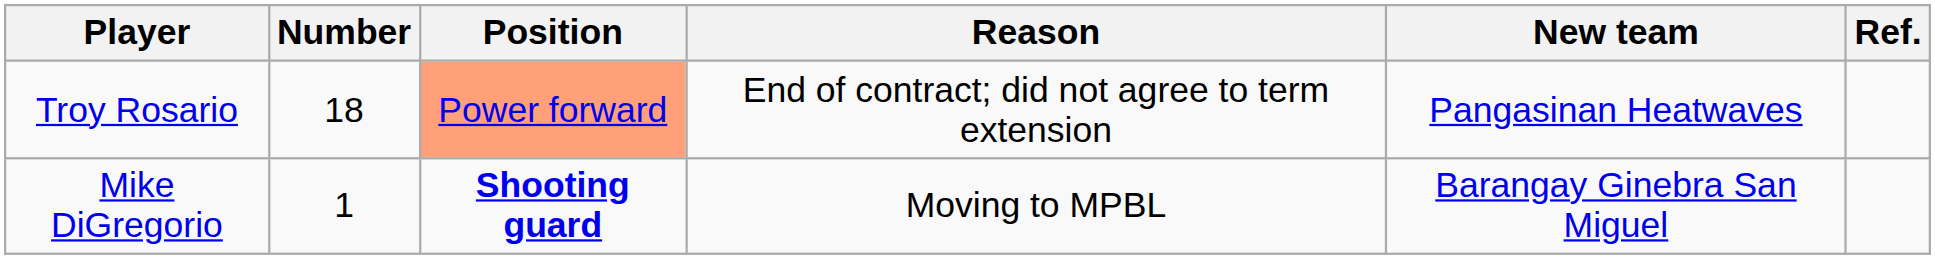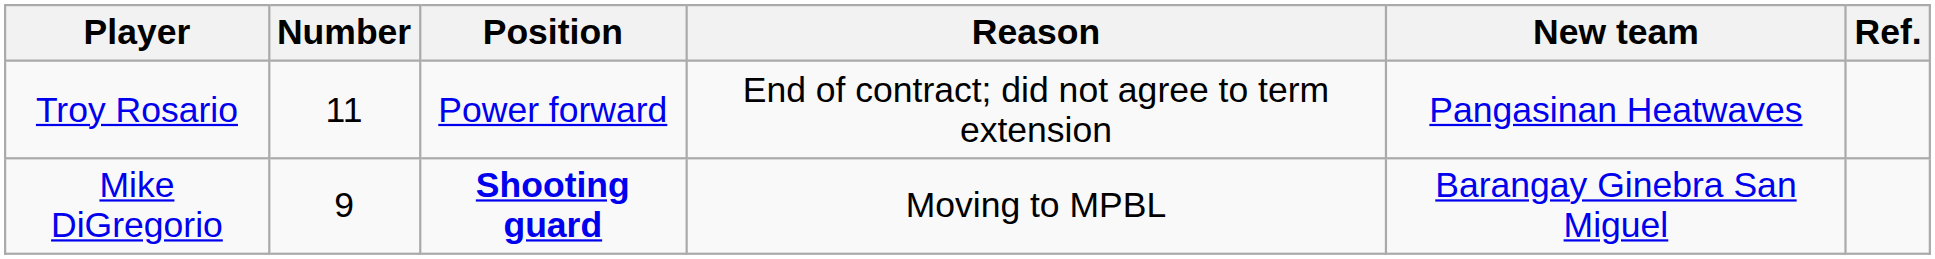 <table class="wikitable sortable sortable">
 <tr>
 <th>Player</th>
 <th>Number</th>
 <th>Position</th>
 <th>Reason</th>
 <th>New team</th>
 <th>Ref.</th>
 </tr>
 <tr style="text-align: center">
 <td><a href='#'>Troy Rosario</a></td>
-<td>18</td>
-<td style="background: lightsalmon;"><a href='#'>Power forward</a></td>
+<td>11</td>
+<td><a href='#'>Power forward</a></td>
 <td>End of contract; did not agree to term extension</td>
 <td><a href='#'>Pangasinan Heatwaves</a> </td>
 <td></td>
 </tr>
 <tr style="text-align: center">
 <td><a href='#'>Mike DiGregorio</a></td>
-<td>1</td>
+<td>9</td>
 <td><strong><a href='#'>Shooting guard</a></strong></td>
 <td>Moving to MPBL</td>
 <td><a href='#'>Barangay Ginebra San Miguel</a></td>
 <td></td>
 </tr>
 </table>
